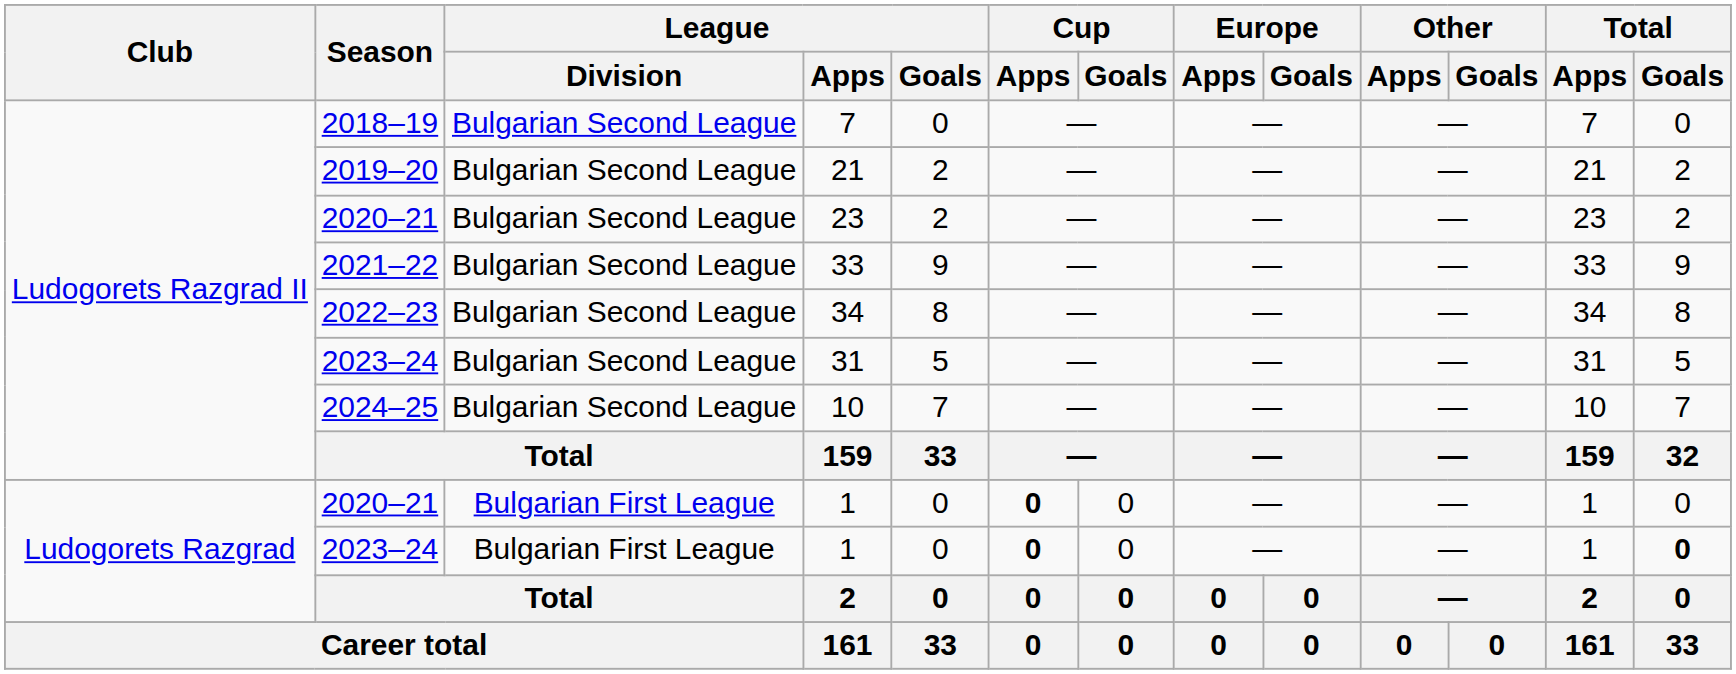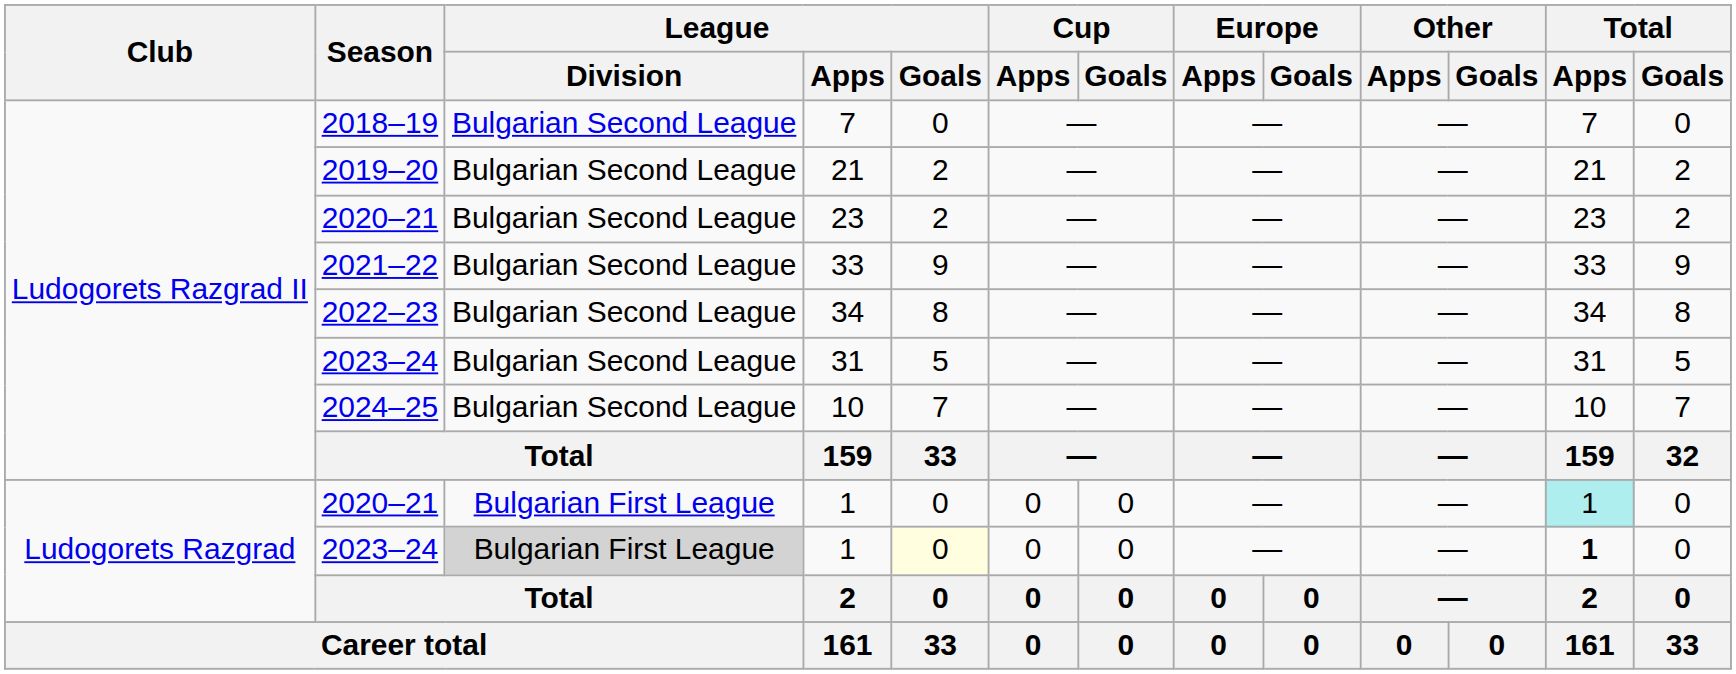 <table class="wikitable" style="text-align: center">
 <tr>
 <th rowspan="2">Club</th>
 <th rowspan="2">Season</th>
 <th colspan="3">League</th>
 <th colspan="2">Cup</th>
 <th colspan="2">Europe</th>
 <th colspan="2">Other</th>
 <th colspan="2">Total</th>
 </tr>
 <tr>
 <th>Division</th>
 <th>Apps</th>
 <th>Goals</th>
 <th>Apps</th>
 <th>Goals</th>
 <th>Apps</th>
 <th>Goals</th>
 <th>Apps</th>
 <th>Goals</th>
 <th>Apps</th>
 <th>Goals</th>
 </tr>
 <tr>
 <td rowspan="8"><a href='#'>Ludogorets Razgrad II</a></td>
 <td><a href='#'>2018–19</a></td>
 <td><a href='#'>Bulgarian Second League</a></td>
 <td>7</td>
 <td>0</td>
 <td colspan="2">—</td>
 <td colspan="2">—</td>
 <td colspan="2">—</td>
 <td>7</td>
 <td>0</td>
 </tr>
 <tr>
 <td><a href='#'>2019–20</a></td>
 <td>Bulgarian Second League</td>
 <td>21</td>
 <td>2</td>
 <td colspan="2">—</td>
 <td colspan="2">—</td>
 <td colspan="2">—</td>
 <td>21</td>
 <td>2</td>
 </tr>
 <tr>
 <td><a href='#'>2020–21</a></td>
 <td>Bulgarian Second League</td>
 <td>23</td>
 <td>2</td>
 <td colspan="2">—</td>
 <td colspan="2">—</td>
 <td colspan="2">—</td>
 <td>23</td>
 <td>2</td>
 </tr>
 <tr>
 <td><a href='#'>2021–22</a></td>
 <td>Bulgarian Second League</td>
 <td>33</td>
 <td>9</td>
 <td colspan="2">—</td>
 <td colspan="2">—</td>
 <td colspan="2">—</td>
 <td>33</td>
 <td>9</td>
 </tr>
 <tr>
 <td><a href='#'>2022–23</a></td>
 <td>Bulgarian Second League</td>
 <td>34</td>
 <td>8</td>
 <td colspan="2">—</td>
 <td colspan="2">—</td>
 <td colspan="2">—</td>
 <td>34</td>
 <td>8</td>
 </tr>
 <tr>
 <td><a href='#'>2023–24</a></td>
 <td>Bulgarian Second League</td>
 <td>31</td>
 <td>5</td>
 <td colspan="2">—</td>
 <td colspan="2">—</td>
 <td colspan="2">—</td>
 <td>31</td>
 <td>5</td>
 </tr>
 <tr>
 <td><a href='#'>2024–25</a></td>
 <td>Bulgarian Second League</td>
 <td>10</td>
 <td>7</td>
 <td colspan="2">—</td>
 <td colspan="2">—</td>
 <td colspan="2">—</td>
 <td>10</td>
 <td>7</td>
 </tr>
 <tr>
 <th colspan="2">Total</th>
 <th>159</th>
 <th>33</th>
 <th colspan="2">—</th>
 <th colspan="2">—</th>
 <th colspan="2">—</th>
 <th>159</th>
 <th>32</th>
 </tr>
 <tr>
 <td rowspan="3"><a href='#'>Ludogorets Razgrad</a></td>
 <td><a href='#'>2020–21</a></td>
 <td><a href='#'>Bulgarian First League</a></td>
 <td>1</td>
 <td>0</td>
-<td><strong>0</strong></td>
+<td>0</td>
 <td>0</td>
 <td colspan="2">—</td>
 <td colspan="2">—</td>
-<td>1</td>
+<td style="background: paleturquoise;">1</td>
 <td>0</td>
 </tr>
 <tr>
 <td><a href='#'>2023–24</a></td>
-<td>Bulgarian First League</td>
+<td style="background: lightgrey;">Bulgarian First League</td>
 <td>1</td>
+<td style="background: lightyellow;">0</td>
 <td>0</td>
-<td><strong>0</strong></td>
 <td>0</td>
 <td colspan="2">—</td>
 <td colspan="2">—</td>
-<td>1</td>
-<td><strong>0</strong></td>
+<td><strong>1</strong></td>
+<td>0</td>
 </tr>
 <tr>
 <th colspan="2">Total</th>
 <th>2</th>
 <th>0</th>
 <th>0</th>
 <th>0</th>
 <th>0</th>
 <th>0</th>
 <th colspan="2">—</th>
 <th>2</th>
 <th>0</th>
 </tr>
 <tr>
 <th colspan="3">Career total</th>
 <th>161</th>
 <th>33</th>
 <th>0</th>
 <th>0</th>
 <th>0</th>
 <th>0</th>
 <th>0</th>
 <th>0</th>
 <th>161</th>
 <th>33</th>
 </tr>
 </table>
